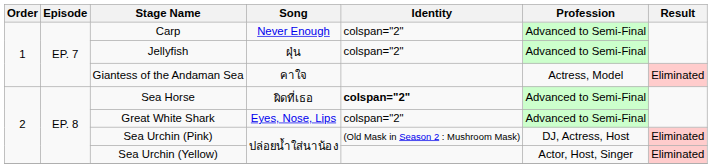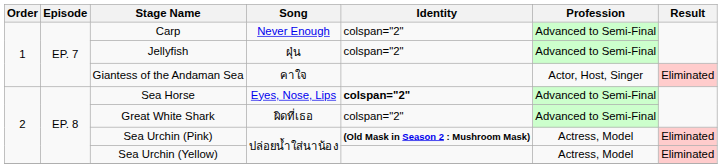 <table class="wikitable">
 <tr>
 <th>Order</th>
 <th>Episode</th>
 <th>Stage Name</th>
 <th>Song</th>
 <th>Identity</th>
 <th>Profession</th>
 <th>Result</th>
 </tr>
 <tr>
 <td rowspan="3" style="text-align:center;">1</td>
 <td rowspan="3" align="center">EP. 7</td>
 <td style="text-align:center;">Carp</td>
 <td style="text-align:center;"><a href='#'>Never Enough</a></td>
 <td>colspan="2"  </td>
 <td style="text-align:center; background:#ccffcc;">Advanced to Semi-Final</td>
 </tr>
 <tr>
 <td style="text-align:center;">Jellyfish</td>
 <td style="text-align:center;">ฝุ่น</td>
 <td>colspan="2"  </td>
 <td style="text-align:center; background:#ccffcc;">Advanced to Semi-Final</td>
 </tr>
 <tr>
 <td style="text-align:center;">Giantess of the Andaman Sea</td>
 <td style="text-align:center;">คาใจ</td>
 <td style="text-align:center;"></td>
-<td style="text-align:center;">Actress, Model</td>
+<td style="text-align:center;">Actor, Host, Singer</td>
 <td style="text-align:center; background:#ffcccc;">Eliminated</td>
 </tr>
 <tr>
 <td rowspan="4" style="text-align:center;">2</td>
 <td rowspan="4" align="center">EP. 8</td>
 <td style="text-align:center;">Sea Horse</td>
-<td style="text-align:center;">ผิดที่เธอ</td>
+<td style="text-align:center;"><a href='#'>Eyes, Nose, Lips</a></td>
 <td><strong>colspan="2"  </strong></td>
 <td style="text-align:center; background:#ccffcc;">Advanced to Semi-Final</td>
 </tr>
 <tr>
 <td style="text-align:center;">Great White Shark</td>
-<td style="text-align:center;"><a href='#'>Eyes, Nose, Lips</a></td>
+<td style="text-align:center;">ผิดที่เธอ</td>
 <td>colspan="2"  </td>
 <td style="text-align:center; background:#ccffcc;">Advanced to Semi-Final</td>
 </tr>
 <tr>
 <td style="text-align:center;">Sea Urchin (Pink)</td>
 <td rowspan="2" align="center">ปล่อยน้ำใส่นาน้อง</td>
-<td style="text-align:center;"> <small>(Old Mask in <a href='#'>Season 2</a> : Mushroom Mask)</small></td>
-<td style="text-align:center;">DJ, Actress, Host</td>
+<td style="text-align:center;"><strong> <small>(Old Mask in <a href='#'>Season 2</a> : Mushroom Mask)</small></strong></td>
+<td style="text-align:center;">Actress, Model</td>
 <td style="text-align:center; background:#ffcccc;">Eliminated</td>
 </tr>
 <tr>
 <td style="text-align:center;">Sea Urchin (Yellow)</td>
 <td style="text-align:center;"></td>
-<td style="text-align:center;">Actor, Host, Singer</td>
+<td style="text-align:center;">Actress, Model</td>
 <td style="text-align:center; background:#ffcccc;">Eliminated</td>
 </tr>
 <tr>
 </tr>
 </table>
